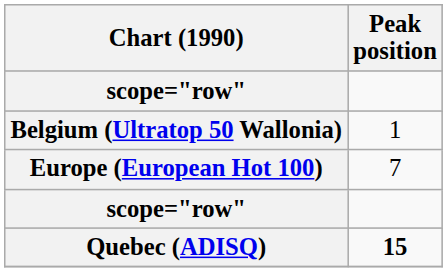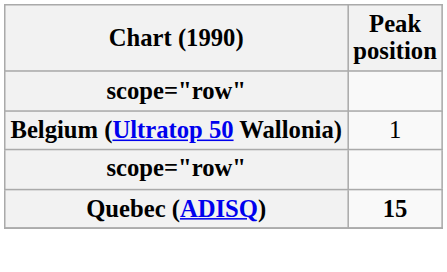 <table class="wikitable sortable plainrowheaders">
 <tr>
 <th>Chart (1990)</th>
 <th>Peak<br>position</th>
 </tr>
 <tr>
 <th>scope="row"</th>
 </tr>
 <tr>
 <th scope="row">Belgium (<a href='#'>Ultratop 50</a> Wallonia)</th>
 <td align="center">1</td>
 </tr>
 <tr>
-<th scope="row">Europe (<a href='#'>European Hot 100</a>)</th>
-<td align="center">7</td>
-</tr>
-<tr>
 <th>scope="row"</th>
 </tr>
 <tr>
 <th scope="row">Quebec (<a href='#'>ADISQ</a>)</th>
 <td align="center"><strong>15</strong></td>
 </tr>
 <tr>
 </tr>
 </table>
